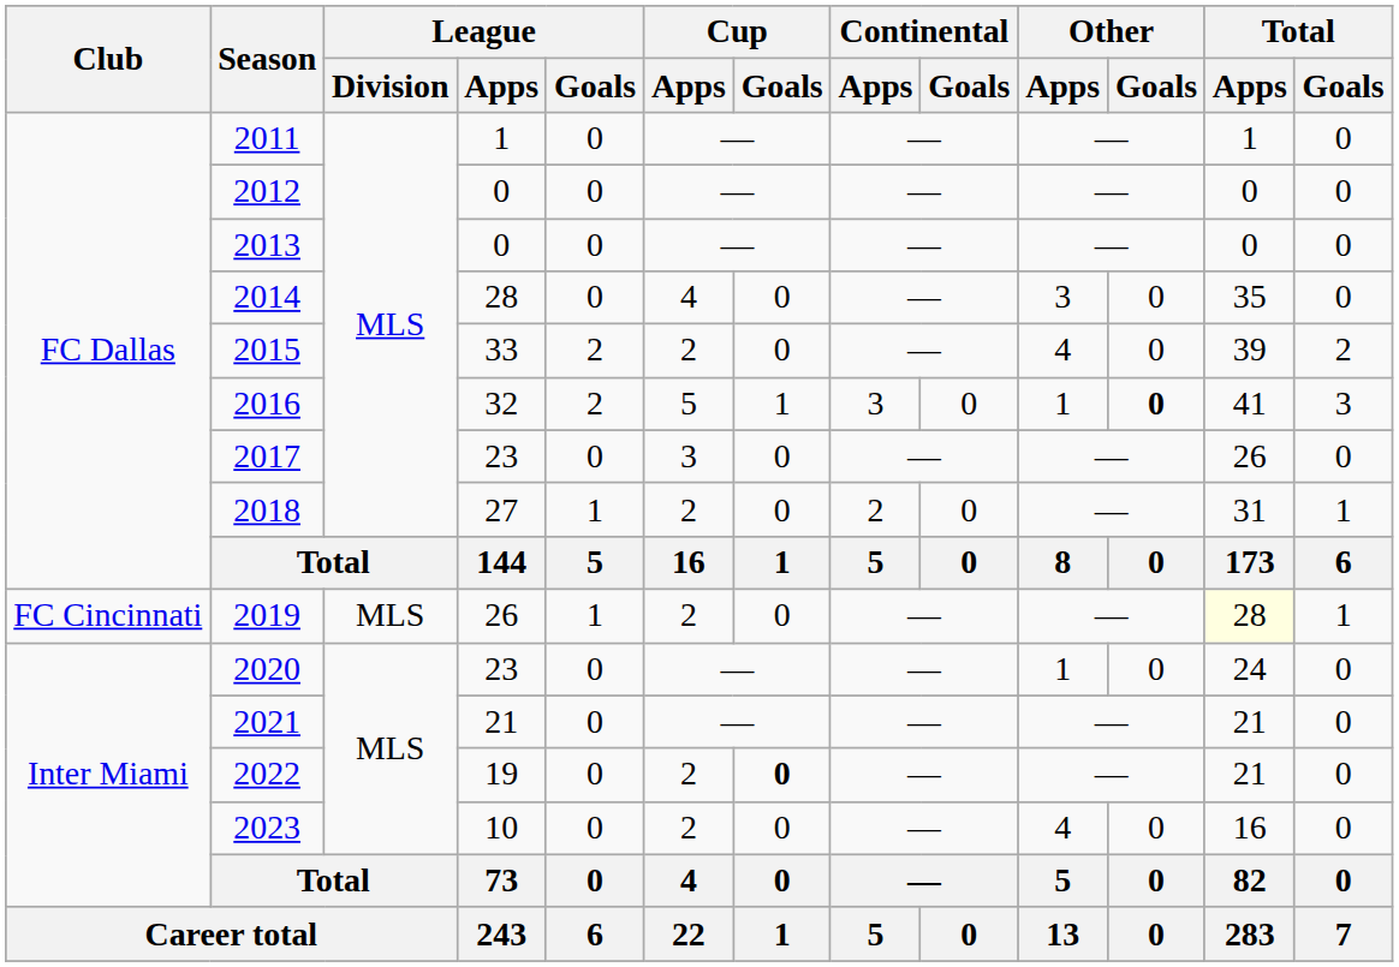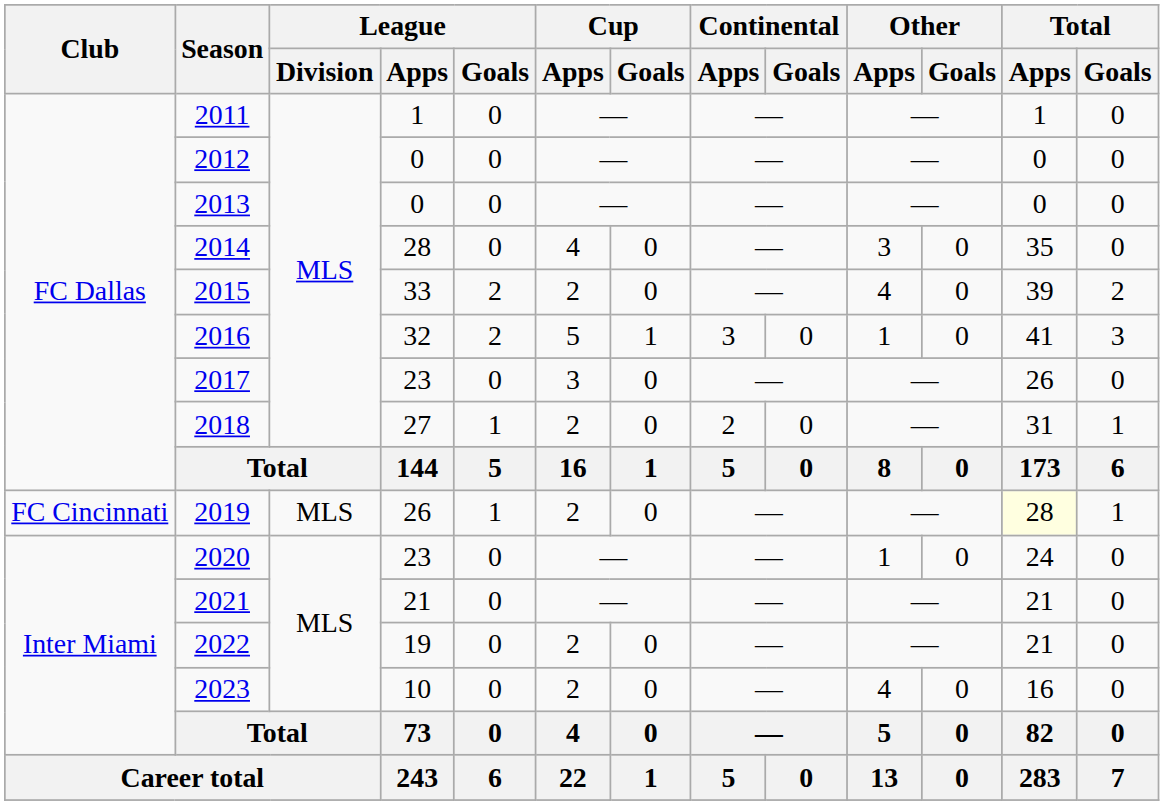 <table class="wikitable" style="text-align:center">
 <tr>
 <th rowspan="2">Club</th>
 <th rowspan="2">Season</th>
 <th colspan="3">League</th>
 <th colspan="2">Cup</th>
 <th colspan="2">Continental</th>
 <th colspan="2">Other</th>
 <th colspan="2">Total</th>
 </tr>
 <tr>
 <th>Division</th>
 <th>Apps</th>
 <th>Goals</th>
 <th>Apps</th>
 <th>Goals</th>
 <th>Apps</th>
 <th>Goals</th>
 <th>Apps</th>
 <th>Goals</th>
 <th>Apps</th>
 <th>Goals</th>
 </tr>
 <tr>
 <td rowspan="9"><a href='#'>FC Dallas</a></td>
 <td><a href='#'>2011</a></td>
 <td rowspan="8"><a href='#'>MLS</a></td>
 <td>1</td>
 <td>0</td>
 <td colspan="2">—</td>
 <td colspan="2">—</td>
 <td colspan="2">—</td>
 <td>1</td>
 <td>0</td>
 </tr>
 <tr>
 <td><a href='#'>2012</a></td>
 <td>0</td>
 <td>0</td>
 <td colspan="2">—</td>
 <td colspan="2">—</td>
 <td colspan="2">—</td>
 <td>0</td>
 <td>0</td>
 </tr>
 <tr>
 <td><a href='#'>2013</a></td>
 <td>0</td>
 <td>0</td>
 <td colspan="2">—</td>
 <td colspan="2">—</td>
 <td colspan="2">—</td>
 <td>0</td>
 <td>0</td>
 </tr>
 <tr>
 <td><a href='#'>2014</a></td>
 <td>28</td>
 <td>0</td>
 <td>4</td>
 <td>0</td>
 <td colspan="2">—</td>
 <td>3</td>
 <td>0</td>
 <td>35</td>
 <td>0</td>
 </tr>
 <tr>
 <td><a href='#'>2015</a></td>
 <td>33</td>
 <td>2</td>
 <td>2</td>
 <td>0</td>
 <td colspan="2">—</td>
 <td>4</td>
 <td>0</td>
 <td>39</td>
 <td>2</td>
 </tr>
 <tr>
 <td><a href='#'>2016</a></td>
 <td>32</td>
 <td>2</td>
 <td>5</td>
 <td>1</td>
 <td>3</td>
 <td>0</td>
 <td>1</td>
-<td><strong>0</strong></td>
+<td>0</td>
 <td>41</td>
 <td>3</td>
 </tr>
 <tr>
 <td><a href='#'>2017</a></td>
 <td>23</td>
 <td>0</td>
 <td>3</td>
 <td>0</td>
 <td colspan="2">—</td>
 <td colspan="2">—</td>
 <td>26</td>
 <td>0</td>
 </tr>
 <tr>
 <td><a href='#'>2018</a></td>
 <td>27</td>
 <td>1</td>
 <td>2</td>
 <td>0</td>
 <td>2</td>
 <td>0</td>
 <td colspan="2">—</td>
 <td>31</td>
 <td>1</td>
 </tr>
 <tr>
 <th colspan="2">Total</th>
 <th>144</th>
 <th>5</th>
 <th>16</th>
 <th>1</th>
 <th>5</th>
 <th>0</th>
 <th>8</th>
 <th>0</th>
 <th>173</th>
 <th>6</th>
 </tr>
 <tr>
 <td><a href='#'>FC Cincinnati</a></td>
 <td><a href='#'>2019</a></td>
 <td>MLS</td>
 <td>26</td>
 <td>1</td>
 <td>2</td>
 <td>0</td>
 <td colspan="2">—</td>
 <td colspan="2">—</td>
 <td style="background: lightyellow;">28</td>
 <td>1</td>
 </tr>
 <tr>
 <td rowspan="5"><a href='#'>Inter Miami</a></td>
 <td><a href='#'>2020</a></td>
 <td rowspan="4">MLS</td>
 <td>23</td>
 <td>0</td>
 <td colspan="2">—</td>
 <td colspan="2">—</td>
 <td>1</td>
 <td>0</td>
 <td>24</td>
 <td>0</td>
 </tr>
 <tr>
 <td><a href='#'>2021</a></td>
 <td>21</td>
 <td>0</td>
 <td colspan="2">—</td>
 <td colspan="2">—</td>
 <td colspan="2">—</td>
 <td>21</td>
 <td>0</td>
 </tr>
 <tr>
 <td><a href='#'>2022</a></td>
 <td>19</td>
 <td>0</td>
 <td>2</td>
-<td><strong>0</strong></td>
+<td>0</td>
 <td colspan="2">—</td>
 <td colspan="2">—</td>
 <td>21</td>
 <td>0</td>
 </tr>
 <tr>
 <td><a href='#'>2023</a></td>
 <td>10</td>
 <td>0</td>
 <td>2</td>
 <td>0</td>
 <td colspan="2">—</td>
 <td>4</td>
 <td>0</td>
 <td>16</td>
 <td>0</td>
 </tr>
 <tr>
 <th colspan="2">Total</th>
 <th>73</th>
 <th>0</th>
 <th>4</th>
 <th>0</th>
 <th colspan="2">—</th>
 <th>5</th>
 <th>0</th>
 <th>82</th>
 <th>0</th>
 </tr>
 <tr>
 <th colspan="3">Career total</th>
 <th>243</th>
 <th>6</th>
 <th>22</th>
 <th>1</th>
 <th>5</th>
 <th>0</th>
 <th>13</th>
 <th>0</th>
 <th>283</th>
 <th>7</th>
 </tr>
 </table>
